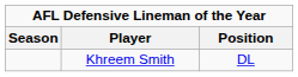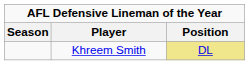 <table class="wikitable sortable" style="text-align:center">
 <tr>
 <td colspan="4"><strong>AFL Defensive Lineman of the Year</strong></td>
 </tr>
 <tr>
 <th style="width:50px; ">Season</th>
 <th style="width:150px; ">Player</th>
 <th style="width:100px; ">Position</th>
 </tr>
 <tr>
 <td></td>
 <td><a href='#'>Khreem Smith</a></td>
-<td><a href='#'>DL</a></td>
+<td style="background: khaki;"><a href='#'>DL</a></td>
 </tr>
 </table>
